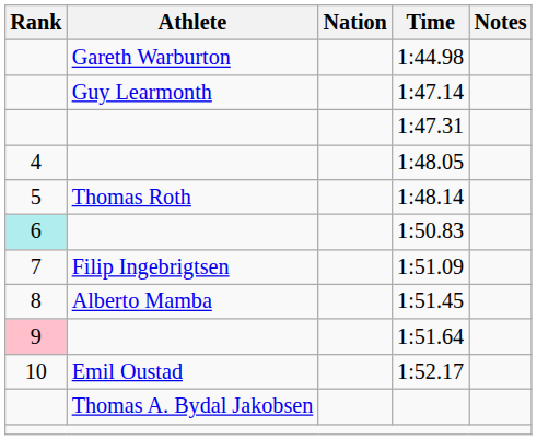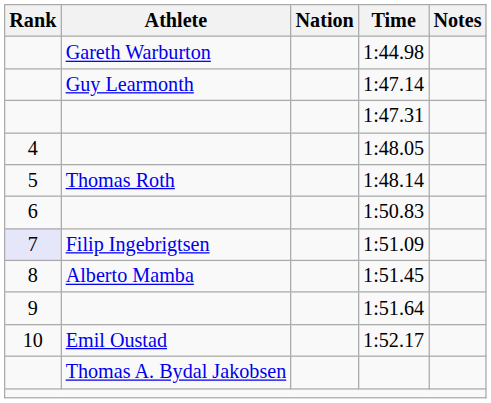 <table class="wikitable mw-datatable sortable" style="text-align:center;">
 <tr>
 <th scope="col" style="width: 10px;">Rank</th>
 <th scope="col">Athlete</th>
 <th scope="col">Nation</th>
 <th scope="col">Time</th>
 <th scope="col">Notes</th>
 </tr>
 <tr>
 <td></td>
 <td align="left"><a href='#'>Gareth Warburton</a></td>
 <td align="left"></td>
 <td>1:44.98</td>
 <td></td>
 </tr>
 <tr>
 <td></td>
 <td align="left"><a href='#'>Guy Learmonth</a></td>
 <td align="left"></td>
 <td>1:47.14</td>
 <td></td>
 </tr>
 <tr>
 <td></td>
 <td align="left"></td>
 <td align="left"></td>
 <td>1:47.31</td>
 <td></td>
 </tr>
 <tr>
 <td>4</td>
 <td align="left"></td>
 <td align="left"></td>
 <td>1:48.05</td>
 <td></td>
 </tr>
 <tr>
 <td>5</td>
 <td align="left"><a href='#'>Thomas Roth</a></td>
 <td align="left"></td>
 <td>1:48.14</td>
 <td></td>
 </tr>
 <tr>
-<td style="background: paleturquoise;">6</td>
+<td>6</td>
 <td align="left"></td>
 <td align="left"></td>
 <td>1:50.83</td>
 <td></td>
 </tr>
 <tr>
-<td>7</td>
+<td style="background: lavender;">7</td>
 <td align="left"><a href='#'>Filip Ingebrigtsen</a></td>
 <td align="left"></td>
 <td>1:51.09</td>
 <td></td>
 </tr>
 <tr>
 <td>8</td>
 <td align="left"><a href='#'>Alberto Mamba</a></td>
 <td align="left"></td>
 <td>1:51.45</td>
 <td></td>
 </tr>
 <tr>
-<td style="background: pink;">9</td>
+<td>9</td>
 <td align="left"></td>
 <td align="left"></td>
 <td>1:51.64</td>
 <td></td>
 </tr>
 <tr>
 <td>10</td>
 <td align="left"><a href='#'>Emil Oustad</a></td>
 <td align="left"></td>
 <td>1:52.17</td>
 <td></td>
 </tr>
 <tr>
 <td></td>
 <td align="left"><a href='#'>Thomas A. Bydal Jakobsen</a></td>
 <td align="left"></td>
 <td></td>
 <td></td>
 </tr>
 <tr class="sortbottom">
 <td colspan="5"></td>
 </tr>
 </table>
